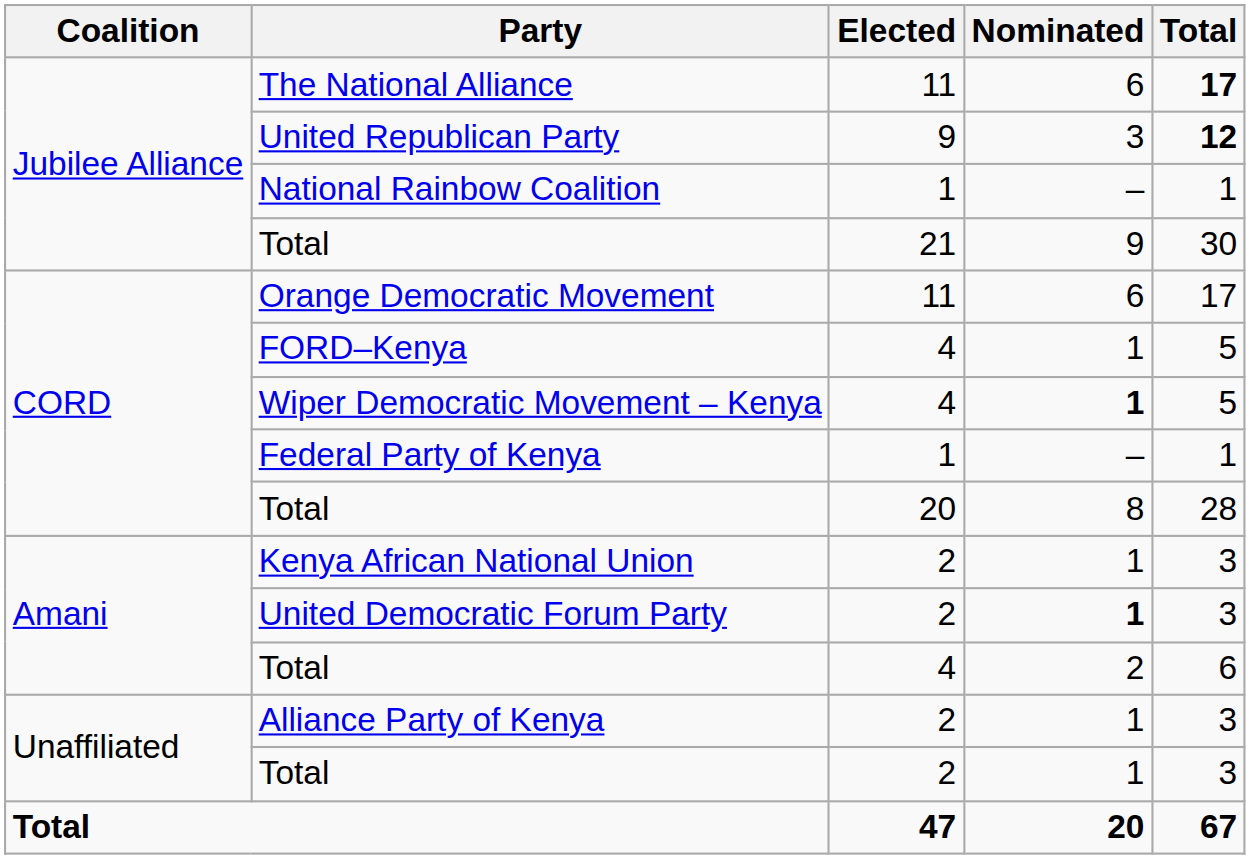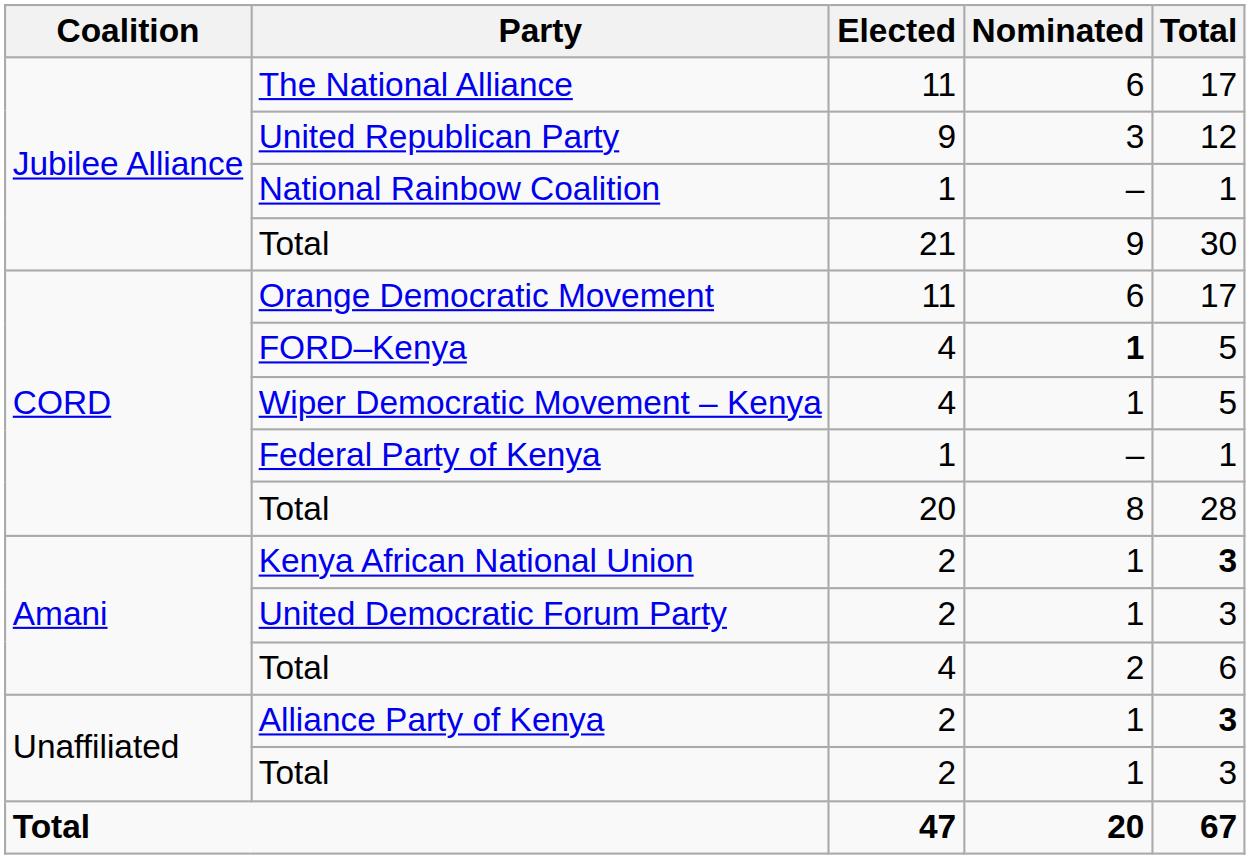 <table class=wikitable style=text-align:right>
 <tr>
 <th>Coalition</th>
 <th>Party</th>
 <th>Elected</th>
 <th>Nominated</th>
 <th>Total</th>
 </tr>
 <tr>
 <td rowspan=4 align=left><a href='#'>Jubilee Alliance</a></td>
 <td align=left><a href='#'>The National Alliance</a></td>
 <td>11</td>
 <td>6</td>
-<td><strong>17</strong></td>
+<td>17</td>
 </tr>
 <tr>
 <td align=left><a href='#'>United Republican Party</a></td>
 <td>9</td>
 <td>3</td>
-<td><strong>12</strong></td>
+<td>12</td>
 </tr>
 <tr>
 <td align=left><a href='#'>National Rainbow Coalition</a></td>
 <td>1</td>
 <td>–</td>
 <td>1</td>
 </tr>
 <tr>
 <td align=left>Total</td>
 <td>21</td>
 <td>9</td>
 <td>30</td>
 </tr>
 <tr>
 <td rowspan=5 align=left><a href='#'>CORD</a></td>
 <td align=left><a href='#'>Orange Democratic Movement</a></td>
 <td>11</td>
 <td>6</td>
 <td>17</td>
 </tr>
 <tr>
 <td align=left><a href='#'>FORD–Kenya</a></td>
 <td>4</td>
-<td>1</td>
+<td><strong>1</strong></td>
 <td>5</td>
 </tr>
 <tr>
 <td align=left><a href='#'>Wiper Democratic Movement – Kenya</a></td>
 <td>4</td>
-<td><strong>1</strong></td>
+<td>1</td>
 <td>5</td>
 </tr>
 <tr>
 <td align=left><a href='#'>Federal Party of Kenya</a></td>
 <td>1</td>
 <td>–</td>
 <td>1</td>
 </tr>
 <tr>
 <td align=left>Total</td>
 <td>20</td>
 <td>8</td>
 <td>28</td>
 </tr>
 <tr>
 <td rowspan=3 align=left><a href='#'>Amani</a></td>
 <td align=left><a href='#'>Kenya African National Union</a></td>
 <td>2</td>
 <td>1</td>
-<td>3</td>
+<td><strong>3</strong></td>
 </tr>
 <tr>
 <td align=left><a href='#'>United Democratic Forum Party</a></td>
 <td>2</td>
-<td><strong>1</strong></td>
+<td>1</td>
 <td>3</td>
 </tr>
 <tr>
 <td align=left>Total</td>
 <td>4</td>
 <td>2</td>
 <td>6</td>
 </tr>
 <tr>
 <td rowspan=2 align=left>Unaffiliated</td>
 <td align=left><a href='#'>Alliance Party of Kenya</a></td>
 <td>2</td>
 <td>1</td>
-<td>3</td>
+<td><strong>3</strong></td>
 </tr>
 <tr>
 <td align=left>Total</td>
 <td>2</td>
 <td>1</td>
 <td>3</td>
 </tr>
 <tr>
 <td colspan=2 align=left><strong>Total</strong></td>
 <td><strong>47</strong></td>
 <td><strong>20</strong></td>
 <td><strong>67</strong></td>
 </tr>
 </table>
